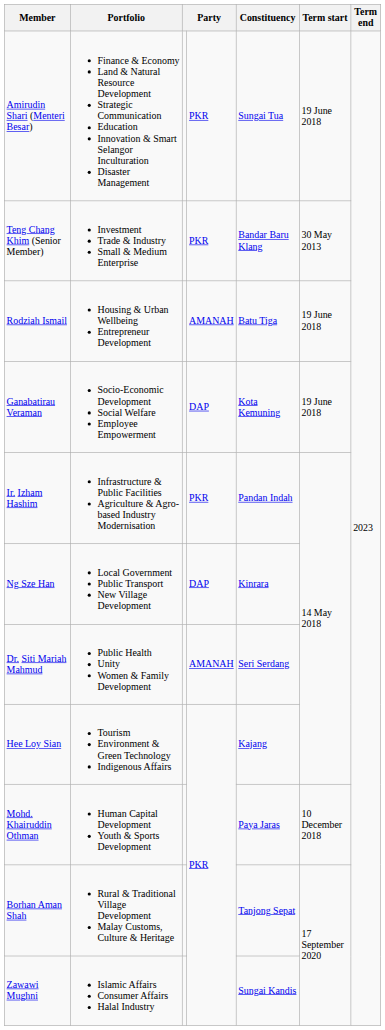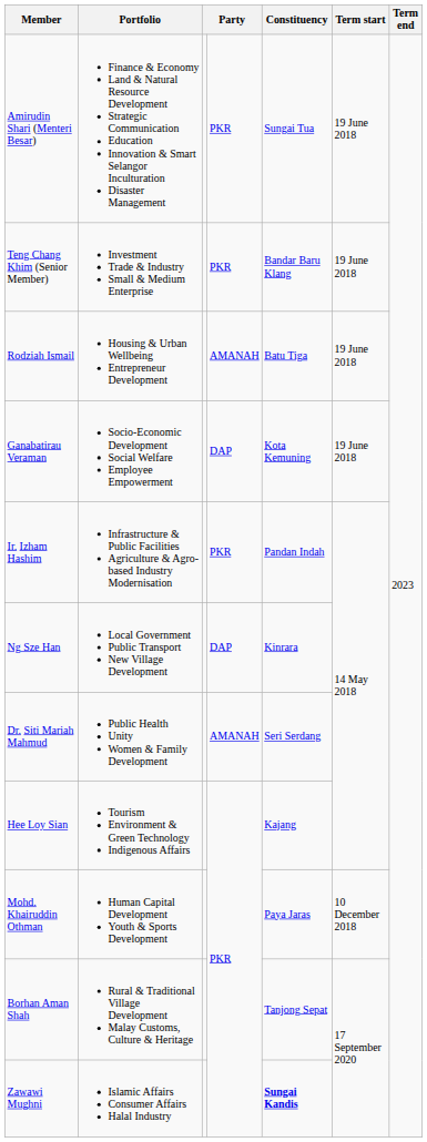 <table class="wikitable">
 <tr>
 <th>Member</th>
 <th>Portfolio</th>
 <th colspan="2">Party</th>
 <th>Constituency</th>
 <th>Term start</th>
 <th>Term end</th>
 </tr>
 <tr>
 <td><a href='#'>Amirudin Shari</a> (<a href='#'>Menteri Besar</a>)</td>
 <td><br><ul><li>Finance & Economy</li><li>Land & Natural Resource Development</li><li>Strategic Communication</li><li>Education</li><li>Innovation & Smart Selangor Inculturation</li><li>Disaster Management</li></ul></td>
 <td></td>
 <td><a href='#'>PKR</a></td>
 <td><a href='#'>Sungai Tua</a></td>
 <td>19 June 2018</td>
 <td rowspan=11>2023</td>
 </tr>
 <tr>
 <td><a href='#'>Teng Chang Khim</a> (Senior Member)</td>
 <td><br><ul><li>Investment</li><li>Trade & Industry</li><li>Small & Medium Enterprise</li></ul></td>
 <td></td>
 <td><a href='#'>PKR</a></td>
 <td><a href='#'>Bandar Baru Klang</a></td>
-<td>30 May 2013</td>
+<td>19 June 2018</td>
 </tr>
 <tr>
 <td><a href='#'>Rodziah Ismail</a></td>
 <td><br><ul><li>Housing & Urban Wellbeing</li><li>Entrepreneur Development</li></ul></td>
 <td></td>
 <td><a href='#'>AMANAH</a></td>
 <td><a href='#'>Batu Tiga</a></td>
 <td>19 June 2018</td>
 </tr>
 <tr>
 <td><a href='#'>Ganabatirau Veraman</a></td>
 <td><br><ul><li>Socio-Economic Development</li><li>Social Welfare</li><li>Employee Empowerment</li></ul></td>
 <td></td>
 <td><a href='#'>DAP</a></td>
 <td><a href='#'>Kota Kemuning</a></td>
 <td>19 June 2018</td>
 </tr>
 <tr>
 <td><a href='#'>Ir.</a> <a href='#'>Izham Hashim</a></td>
 <td><br><ul><li>Infrastructure & Public Facilities</li><li>Agriculture & Agro-based Industry Modernisation</li></ul></td>
 <td></td>
 <td><a href='#'>PKR</a></td>
 <td><a href='#'>Pandan Indah</a></td>
 <td rowspan="4">14 May 2018</td>
 </tr>
 <tr>
 <td><a href='#'>Ng Sze Han</a></td>
 <td><br><ul><li>Local Government</li><li>Public Transport</li><li>New Village Development</li></ul></td>
 <td></td>
 <td><a href='#'>DAP</a></td>
 <td><a href='#'>Kinrara</a></td>
 </tr>
 <tr>
 <td><a href='#'>Dr.</a> <a href='#'>Siti Mariah Mahmud</a></td>
 <td><br><ul><li>Public Health</li><li>Unity</li><li>Women & Family Development</li></ul></td>
 <td></td>
 <td><a href='#'>AMANAH</a></td>
 <td><a href='#'>Seri Serdang</a></td>
 </tr>
 <tr>
 <td><a href='#'>Hee Loy Sian</a></td>
 <td><br><ul><li>Tourism</li><li>Environment & Green Technology</li><li>Indigenous Affairs</li></ul></td>
 <td></td>
 <td rowspan="4"><a href='#'>PKR</a></td>
 <td><a href='#'>Kajang</a></td>
 </tr>
 <tr>
 <td><a href='#'>Mohd. Khairuddin Othman</a></td>
 <td><br><ul><li>Human Capital Development</li><li>Youth & Sports Development</li></ul></td>
 <td></td>
 <td><a href='#'>Paya Jaras</a></td>
 <td>10 December 2018</td>
 </tr>
 <tr>
 <td><a href='#'>Borhan Aman Shah</a></td>
 <td><br><ul><li>Rural & Traditional Village Development</li><li>Malay Customs, Culture & Heritage</li></ul></td>
 <td></td>
 <td><a href='#'>Tanjong Sepat</a></td>
 <td rowspan="2">17 September 2020</td>
 </tr>
 <tr>
 <td><a href='#'>Zawawi Mughni</a></td>
 <td><br><ul><li>Islamic Affairs</li><li>Consumer Affairs</li><li>Halal Industry</li></ul></td>
 <td></td>
-<td><a href='#'>Sungai Kandis</a></td>
+<td><strong><a href='#'>Sungai Kandis</a></strong></td>
 </tr>
 </table>
